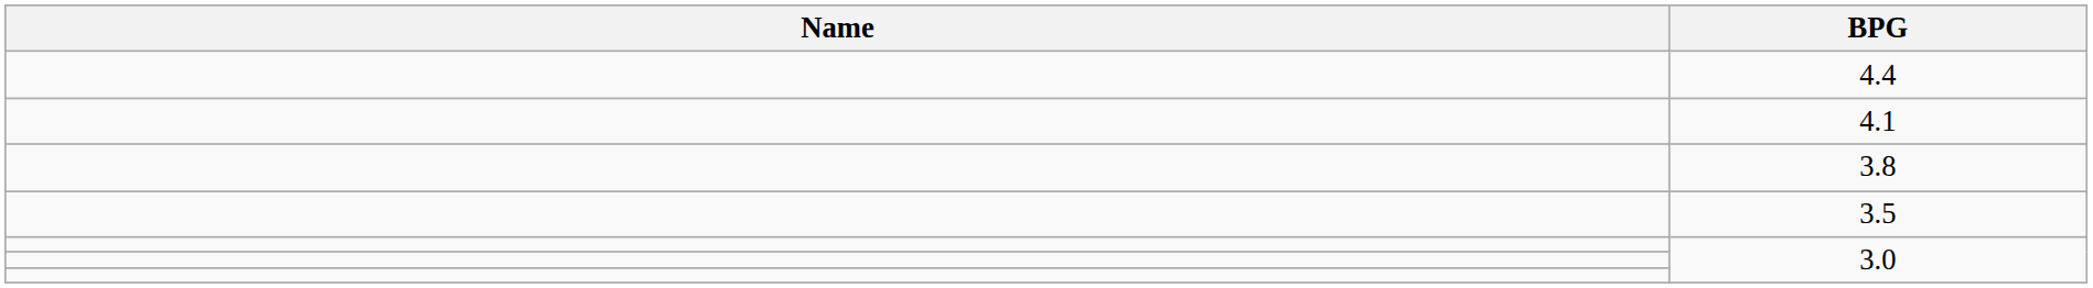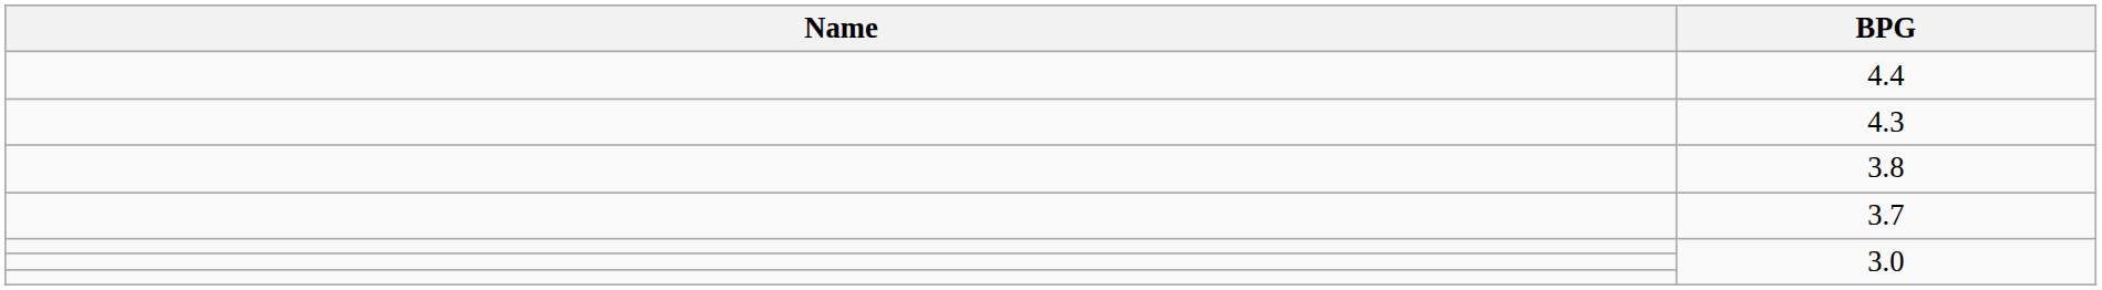 <table class=wikitable width="90%">
 <tr>
 <th width="80%">Name</th>
 <th width="20%">BPG</th>
 </tr>
 <tr>
 <td></td>
 <td align=center>4.4</td>
 </tr>
 <tr>
 <td></td>
-<td align=center>4.1</td>
+<td align=center>4.3</td>
 </tr>
 <tr>
 <td></td>
 <td align=center>3.8</td>
 </tr>
 <tr>
 <td></td>
-<td align=center>3.5</td>
+<td align=center>3.7</td>
 </tr>
 <tr>
 <td></td>
 <td align=center rowspan=3>3.0</td>
 </tr>
 <tr>
 <td></td>
 </tr>
 <tr>
 <td></td>
 </tr>
 </table>
